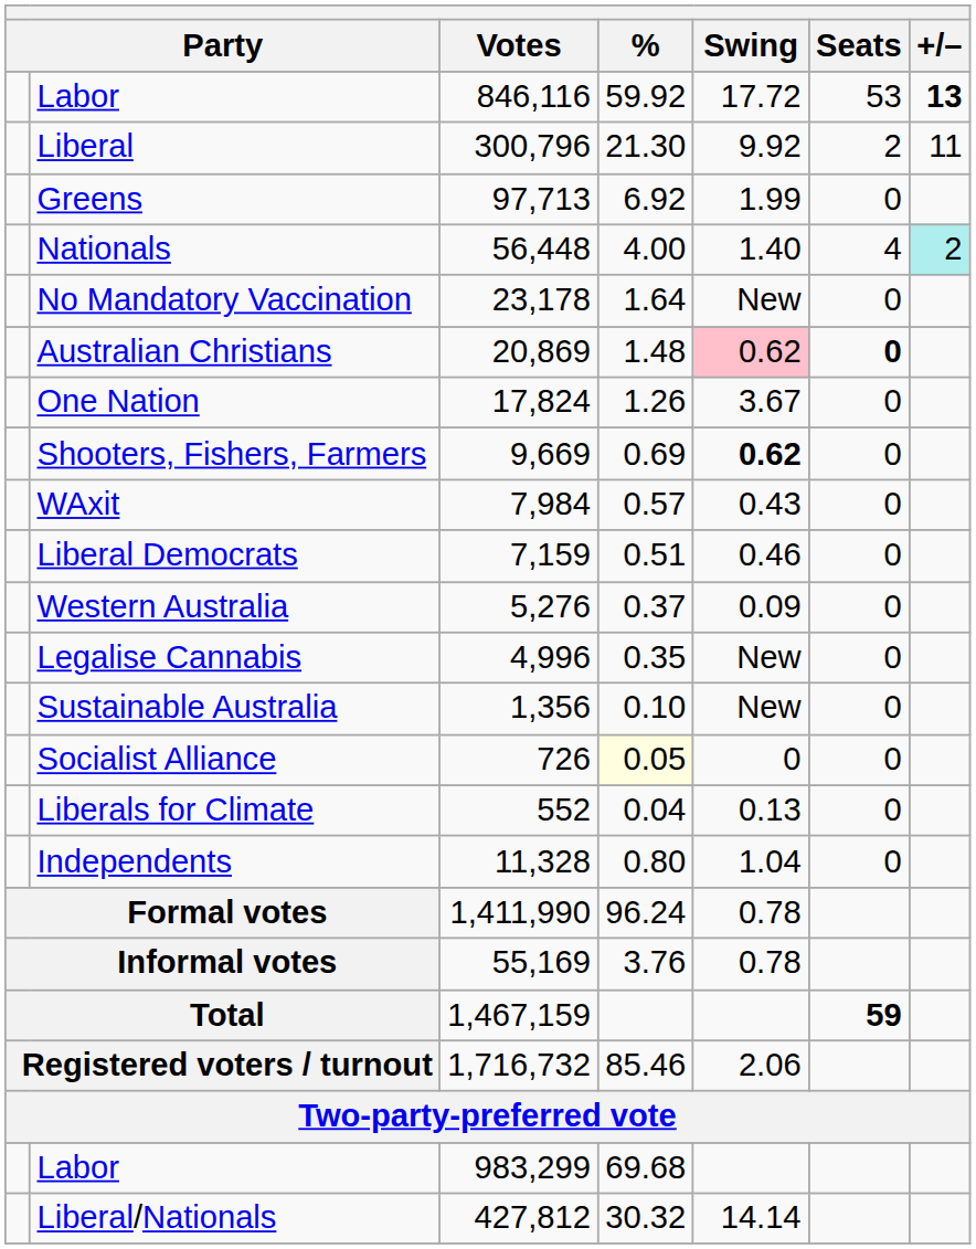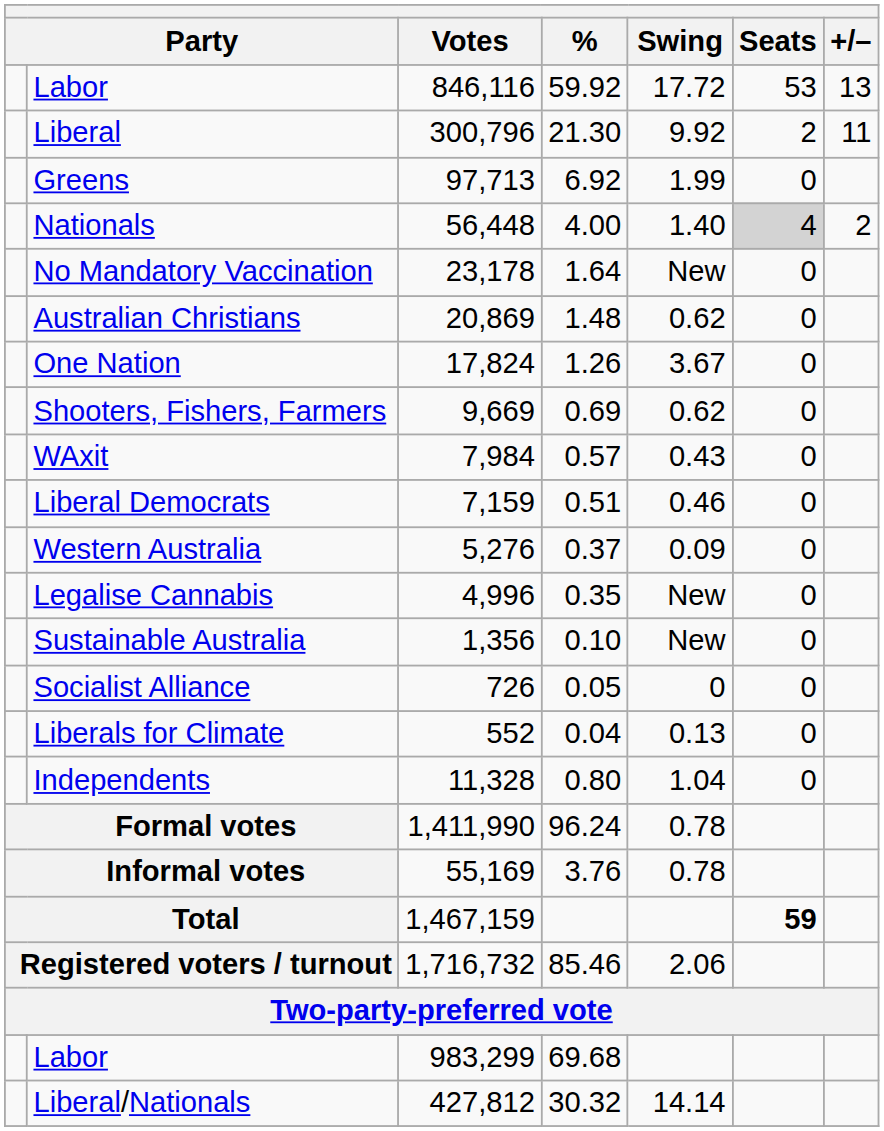 <table class="wikitable" style="text-align:right;  margin-bottom:0">
 <tr>
 <th colspan="7"></th>
 </tr>
 <tr>
 <th colspan="2" style="width:10px">Party</th>
 <th style="width:70px;">Votes</th>
 <th style="width:40px;">%</th>
 <th style="width:50px;">Swing</th>
 <th style="width:40px;">Seats</th>
 <th>+/–</th>
 </tr>
 <tr>
 <td> </td>
 <td style="text-align:left;"><a href='#'>Labor</a></td>
 <td>846,116</td>
 <td>59.92</td>
 <td> 17.72</td>
 <td>53</td>
-<td><strong> 13</strong></td>
+<td> 13</td>
 </tr>
 <tr>
 <td> </td>
 <td style="text-align:left;"><a href='#'>Liberal</a></td>
 <td>300,796</td>
 <td>21.30</td>
 <td> 9.92</td>
 <td>2</td>
 <td> 11</td>
 </tr>
 <tr>
 <td> </td>
 <td style="text-align:left;"><a href='#'>Greens</a></td>
 <td>97,713</td>
 <td>6.92</td>
 <td> 1.99</td>
 <td>0</td>
 <td></td>
 </tr>
 <tr>
 <td> </td>
 <td style="text-align:left;"><a href='#'>Nationals</a></td>
 <td>56,448</td>
 <td>4.00</td>
 <td> 1.40</td>
-<td>4</td>
-<td style="background: paleturquoise;"> 2</td>
+<td style="background: lightgrey;">4</td>
+<td> 2</td>
 </tr>
 <tr>
 <td> </td>
 <td style="text-align:left;"><a href='#'>No Mandatory Vaccination</a></td>
 <td>23,178</td>
 <td>1.64</td>
 <td>New</td>
 <td>0</td>
 <td></td>
 </tr>
 <tr>
 <td> </td>
 <td style="text-align:left;"><a href='#'>Australian Christians</a></td>
 <td>20,869</td>
 <td>1.48</td>
-<td style="background: pink;"> 0.62</td>
-<td><strong>0</strong></td>
+<td> 0.62</td>
+<td>0</td>
 <td></td>
 </tr>
 <tr>
 <td> </td>
 <td style="text-align:left;"><a href='#'>One Nation</a></td>
 <td>17,824</td>
 <td>1.26</td>
 <td> 3.67</td>
 <td>0</td>
 <td></td>
 </tr>
 <tr>
 <td> </td>
 <td style="text-align:left;"><a href='#'>Shooters, Fishers, Farmers</a></td>
 <td>9,669</td>
 <td>0.69</td>
-<td><strong> 0.62</strong></td>
+<td> 0.62</td>
 <td>0</td>
 <td></td>
 </tr>
 <tr>
 <td> </td>
 <td style="text-align:left;"><a href='#'>WAxit</a></td>
 <td>7,984</td>
 <td>0.57</td>
 <td> 0.43</td>
 <td>0</td>
 <td></td>
 </tr>
 <tr>
 <td> </td>
 <td style="text-align:left;"><a href='#'>Liberal Democrats</a></td>
 <td>7,159</td>
 <td>0.51</td>
 <td> 0.46</td>
 <td>0</td>
 <td></td>
 </tr>
 <tr>
 <td> </td>
 <td style="text-align:left;"><a href='#'>Western Australia</a></td>
 <td>5,276</td>
 <td>0.37</td>
 <td> 0.09</td>
 <td>0</td>
 <td></td>
 </tr>
 <tr>
 <td> </td>
 <td style="text-align:left;"><a href='#'>Legalise Cannabis</a></td>
 <td>4,996</td>
 <td>0.35</td>
 <td>New</td>
 <td>0</td>
 <td></td>
 </tr>
 <tr>
 <td> </td>
 <td style="text-align:left;"><a href='#'>Sustainable Australia</a></td>
 <td>1,356</td>
 <td>0.10</td>
 <td>New</td>
 <td>0</td>
 <td></td>
 </tr>
 <tr>
 <td> </td>
 <td style="text-align:left;"><a href='#'>Socialist Alliance</a></td>
 <td>726</td>
-<td style="background: lightyellow;">0.05</td>
+<td>0.05</td>
 <td> 0</td>
 <td>0</td>
 <td></td>
 </tr>
 <tr>
 <td> </td>
 <td style="text-align:left;"><a href='#'>Liberals for Climate</a></td>
 <td>552</td>
 <td>0.04</td>
 <td> 0.13</td>
 <td>0</td>
 <td></td>
 </tr>
 <tr>
 <td> </td>
 <td style="text-align:left;"><a href='#'>Independents</a></td>
 <td>11,328</td>
 <td>0.80</td>
 <td> 1.04</td>
 <td>0</td>
 <td></td>
 </tr>
 <tr>
 <th colspan="2" rowspan="1"> Formal votes</th>
 <td>1,411,990</td>
 <td>96.24</td>
 <td> 0.78</td>
 <td></td>
 <td></td>
 </tr>
 <tr>
 <th colspan="2" rowspan="1"> Informal votes</th>
 <td>55,169</td>
 <td>3.76</td>
 <td> 0.78</td>
 <td></td>
 <td></td>
 </tr>
 <tr>
 <th colspan="2" rowspan="1"> <strong>Total </strong></th>
 <td>1,467,159</td>
 <td></td>
 <td></td>
 <td><strong>59</strong></td>
 <td></td>
 </tr>
 <tr>
 <th colspan="2" rowspan="1"> Registered voters / turnout</th>
 <td>1,716,732</td>
 <td>85.46</td>
 <td> 2.06</td>
 <td></td>
 <td></td>
 </tr>
 <tr>
 <th colspan="7"><a href='#'>Two-party-preferred vote</a></th>
 </tr>
 <tr>
 <td></td>
 <td style="text-align:left;"><a href='#'>Labor</a></td>
 <td>983,299</td>
 <td>69.68</td>
 <td></td>
 <td></td>
 <td></td>
 </tr>
 <tr>
 <td></td>
 <td style="text-align:left;"><a href='#'>Liberal</a>/<a href='#'>Nationals</a></td>
 <td>427,812</td>
 <td>30.32</td>
 <td> 14.14</td>
 <td></td>
 <td></td>
 </tr>
 </table>
